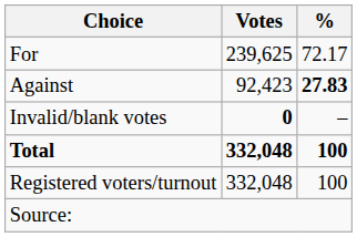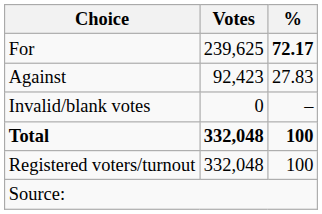 <table class=wikitable style=text-align:right>
 <tr>
 <th>Choice</th>
 <th>Votes</th>
 <th>%</th>
 </tr>
 <tr>
 <td align=left>For</td>
 <td>239,625</td>
-<td>72.17</td>
+<td><strong>72.17</strong></td>
 </tr>
 <tr>
 <td align=left>Against</td>
 <td>92,423</td>
-<td><strong>27.83</strong></td>
+<td>27.83</td>
 </tr>
 <tr>
 <td align=left>Invalid/blank votes</td>
-<td><strong>0</strong></td>
+<td>0</td>
 <td>–</td>
 </tr>
 <tr>
 <td align=left><strong>Total</strong></td>
 <td><strong>332,048</strong></td>
 <td><strong>100</strong></td>
 </tr>
 <tr>
 <td align=left>Registered voters/turnout</td>
 <td>332,048</td>
 <td>100</td>
 </tr>
 <tr>
 <td align=left colspan=3>Source: </td>
 </tr>
 </table>
